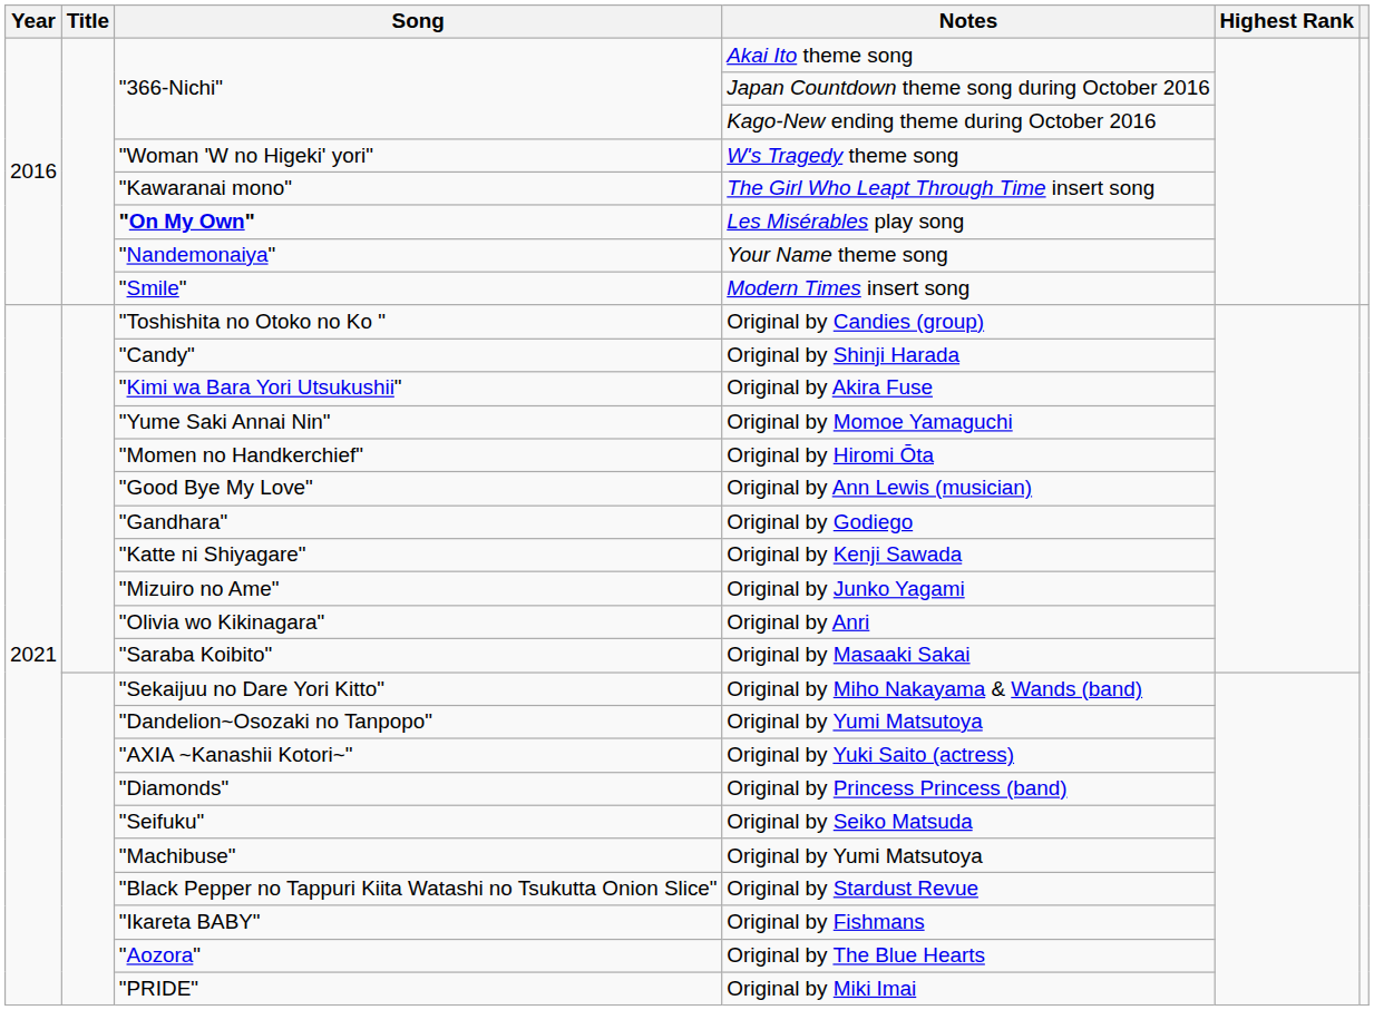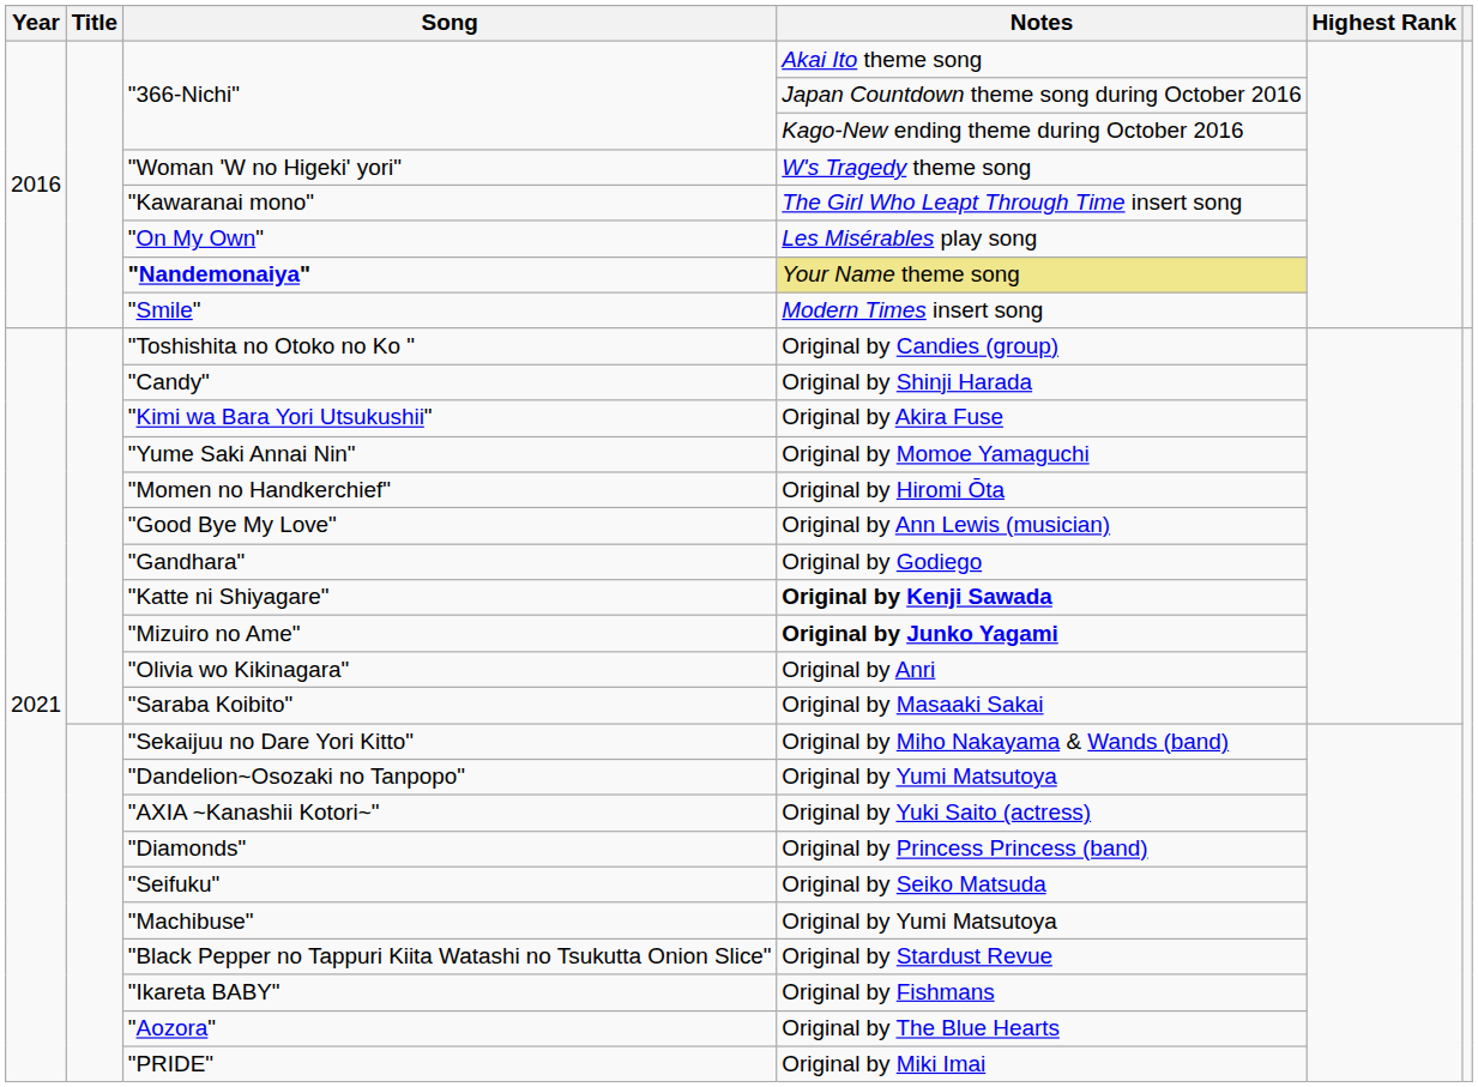 <table class="wikitable">
 <tr>
 <th>Year</th>
 <th>Title</th>
 <th>Song</th>
 <th>Notes</th>
 <th>Highest Rank</th>
 <th></th>
 </tr>
 <tr>
 <td rowspan="8">2016</td>
 <td rowspan="8"></td>
 <td rowspan="3">"366-Nichi"</td>
 <td><em><a href='#'>Akai Ito</a></em> theme song</td>
 <td rowspan="8"></td>
 <td rowspan="8"></td>
 </tr>
 <tr>
 <td><em>Japan Countdown</em> theme song during October 2016</td>
 </tr>
 <tr>
 <td><em>Kago-New</em> ending theme during October 2016</td>
 </tr>
 <tr>
 <td>"Woman 'W no Higeki' yori"</td>
 <td><em><a href='#'>W's Tragedy</a></em> theme song</td>
 </tr>
 <tr>
 <td>"Kawaranai mono"</td>
 <td><em><a href='#'>The Girl Who Leapt Through Time</a></em> insert song</td>
 </tr>
 <tr>
-<td><strong>"<a href='#'>On My Own</a>"</strong></td>
+<td>"<a href='#'>On My Own</a>"</td>
 <td><em><a href='#'>Les Misérables</a></em> play song</td>
 </tr>
 <tr>
-<td>"<a href='#'>Nandemonaiya</a>"</td>
-<td><em>Your Name</em> theme song</td>
+<td><strong>"<a href='#'>Nandemonaiya</a>"</strong></td>
+<td style="background: khaki;"><em>Your Name</em> theme song</td>
 </tr>
 <tr>
 <td>"<a href='#'>Smile</a>"</td>
 <td><em><a href='#'>Modern Times</a></em> insert song</td>
 </tr>
 <tr>
 <td rowspan="21">2021</td>
 <td rowspan="11"></td>
 <td>"Toshishita no Otoko no Ko "</td>
 <td>Original by <a href='#'>Candies (group)</a></td>
 <td rowspan="11"></td>
 <td rowspan="21"></td>
 </tr>
 <tr>
 <td>"Candy"</td>
 <td>Original by <a href='#'>Shinji Harada</a></td>
 </tr>
 <tr>
 <td>"<a href='#'>Kimi wa Bara Yori Utsukushii</a>"</td>
 <td>Original by <a href='#'>Akira Fuse</a></td>
 </tr>
 <tr>
 <td>"Yume Saki Annai Nin"</td>
 <td>Original by <a href='#'>Momoe Yamaguchi</a></td>
 </tr>
 <tr>
 <td>"Momen no Handkerchief"</td>
 <td>Original by <a href='#'>Hiromi Ōta</a></td>
 </tr>
 <tr>
 <td>"Good Bye My Love"</td>
 <td>Original by <a href='#'>Ann Lewis (musician)</a></td>
 </tr>
 <tr>
 <td>"Gandhara"</td>
 <td>Original by <a href='#'>Godiego</a></td>
 </tr>
 <tr>
 <td>"Katte ni Shiyagare"</td>
-<td>Original by <a href='#'>Kenji Sawada</a></td>
+<td><strong>Original by <a href='#'>Kenji Sawada</a></strong></td>
 </tr>
 <tr>
 <td>"Mizuiro no Ame"</td>
-<td>Original by <a href='#'>Junko Yagami</a></td>
+<td><strong>Original by <a href='#'>Junko Yagami</a></strong></td>
 </tr>
 <tr>
 <td>"Olivia wo Kikinagara"</td>
 <td>Original by <a href='#'>Anri</a></td>
 </tr>
 <tr>
 <td>"Saraba Koibito"</td>
 <td>Original by <a href='#'>Masaaki Sakai</a></td>
 </tr>
 <tr>
 <td rowspan="10"></td>
 <td>"Sekaijuu no Dare Yori Kitto"</td>
 <td>Original by <a href='#'>Miho Nakayama</a> & <a href='#'>Wands (band)</a></td>
 <td rowspan="10"></td>
 </tr>
 <tr>
 <td>"Dandelion~Osozaki no Tanpopo"</td>
 <td>Original by <a href='#'>Yumi Matsutoya</a></td>
 </tr>
 <tr>
 <td>"AXIA ~Kanashii Kotori~"</td>
 <td>Original by <a href='#'>Yuki Saito (actress)</a></td>
 </tr>
 <tr>
 <td>"Diamonds"</td>
 <td>Original by <a href='#'>Princess Princess (band)</a></td>
 </tr>
 <tr>
 <td>"Seifuku"</td>
 <td>Original by <a href='#'>Seiko Matsuda</a></td>
 </tr>
 <tr>
 <td>"Machibuse"</td>
 <td>Original by Yumi Matsutoya</td>
 </tr>
 <tr>
 <td>"Black Pepper no Tappuri Kiita Watashi no Tsukutta Onion Slice"</td>
 <td>Original by <a href='#'>Stardust Revue</a></td>
 </tr>
 <tr>
 <td>"Ikareta BABY"</td>
 <td>Original by <a href='#'>Fishmans</a></td>
 </tr>
 <tr>
 <td>"<a href='#'>Aozora</a>"</td>
 <td>Original by <a href='#'>The Blue Hearts</a></td>
 </tr>
 <tr>
 <td>"PRIDE"</td>
 <td>Original by <a href='#'>Miki Imai</a></td>
 </tr>
 </table>
